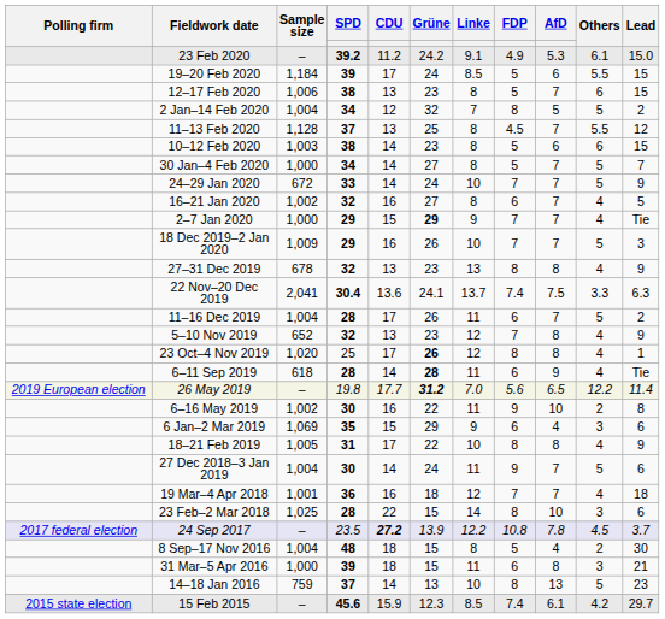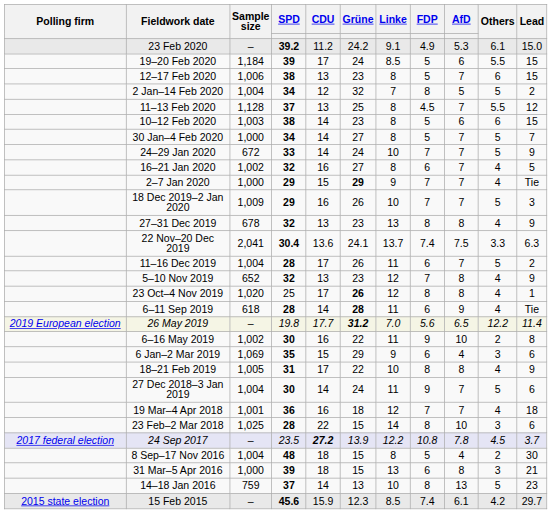 <table class="wikitable sortable" style="text-align:center;font-size:90%;line-height:14px;">
 <tr style="height:40px;">
 <th style="width:160px;" rowspan="2">Polling firm</th>
 <th style="width:135px;" rowspan="2">Fieldwork date</th>
 <th style="width:35px;" rowspan="2">Sample<br>size</th>
 <th class="unsortable" style="width:40px;"><a href='#'>SPD</a></th>
 <th class="unsortable" style="width:40px;"><a href='#'>CDU</a></th>
 <th class="unsortable" style="width:40px;"><a href='#'>Grüne</a></th>
 <th class="unsortable" style="width:40px;"><a href='#'>Linke</a></th>
 <th class="unsortable" style="width:40px;"><a href='#'>FDP</a></th>
 <th class="unsortable" style="width:40px;"><a href='#'>AfD</a></th>
 <th class="unsortable" style="width:40px;" rowspan="2">Others</th>
 <th style="width:30px;" rowspan="2">Lead</th>
 </tr>
 <tr>
 <th style="background:"></th>
 <th style="background:"></th>
 <th style="background:"></th>
 <th style="background:"></th>
 <th style="background:"></th>
 <th style="background:"></th>
 </tr>
 <tr style="background:#E9E9E9;">
 <td></td>
 <td data-sort-value="2020-02-23">23 Feb 2020</td>
 <td>–</td>
 <td><strong>39.2</strong></td>
 <td>11.2</td>
 <td>24.2</td>
 <td>9.1</td>
 <td>4.9</td>
 <td>5.3</td>
 <td>6.1</td>
 <td style="background:">15.0</td>
 </tr>
 <tr>
 <td></td>
 <td data-sort-value="2020-02-20">19–20 Feb 2020</td>
 <td>1,184</td>
 <td><strong>39</strong></td>
 <td>17</td>
 <td>24</td>
 <td>8.5</td>
 <td>5</td>
 <td>6</td>
 <td>5.5</td>
 <td style="background:">15</td>
 </tr>
 <tr>
 <td></td>
 <td data-sort-value="2020-02-17">12–17 Feb 2020</td>
 <td>1,006</td>
 <td><strong>38</strong></td>
 <td>13</td>
 <td>23</td>
 <td>8</td>
 <td>5</td>
 <td>7</td>
 <td>6</td>
 <td style="background:">15</td>
 </tr>
 <tr>
 <td></td>
 <td data-sort-value="2020-02-14">2 Jan–14 Feb 2020</td>
 <td>1,004</td>
 <td><strong>34</strong></td>
 <td>12</td>
 <td>32</td>
 <td>7</td>
 <td>8</td>
 <td>5</td>
 <td>5</td>
 <td style="background:">2</td>
 </tr>
 <tr>
 <td></td>
 <td data-sort-value="2020-02-13">11–13 Feb 2020</td>
 <td>1,128</td>
 <td><strong>37</strong></td>
 <td>13</td>
 <td>25</td>
 <td>8</td>
 <td>4.5</td>
 <td>7</td>
 <td>5.5</td>
 <td style="background:">12</td>
 </tr>
 <tr>
 <td></td>
 <td data-sort-value="2020-02-12">10–12 Feb 2020</td>
 <td>1,003</td>
 <td><strong>38</strong></td>
 <td>14</td>
 <td>23</td>
 <td>8</td>
 <td>5</td>
 <td>6</td>
 <td>6</td>
 <td style="background:">15</td>
 </tr>
 <tr>
 <td></td>
 <td data-sort-value="2020-02-04">30 Jan–4 Feb 2020</td>
 <td>1,000</td>
 <td><strong>34</strong></td>
 <td>14</td>
 <td>27</td>
 <td>8</td>
 <td>5</td>
 <td>7</td>
 <td>5</td>
 <td style="background:">7</td>
 </tr>
 <tr>
 <td></td>
 <td data-sort-value="2020-01-29">24–29 Jan 2020</td>
 <td>672</td>
 <td><strong>33</strong></td>
 <td>14</td>
 <td>24</td>
 <td>10</td>
 <td>7</td>
 <td>7</td>
 <td>5</td>
 <td style="background:">9</td>
 </tr>
 <tr>
 <td></td>
 <td data-sort-value="2020-01-21">16–21 Jan 2020</td>
 <td>1,002</td>
 <td><strong>32</strong></td>
 <td>16</td>
 <td>27</td>
 <td>8</td>
 <td>6</td>
 <td>7</td>
 <td>4</td>
 <td style="background:">5</td>
 </tr>
 <tr>
 <td></td>
 <td data-sort-value="2020-01-07">2–7 Jan 2020</td>
 <td>1,000</td>
 <td><strong>29</strong></td>
 <td>15</td>
 <td><strong>29</strong></td>
 <td>9</td>
 <td>7</td>
 <td>7</td>
 <td>4</td>
 <td data-sort-value="0">Tie</td>
 </tr>
 <tr>
 <td></td>
 <td data-sort-value="2020-01-02">18 Dec 2019–2 Jan 2020</td>
 <td>1,009</td>
 <td><strong>29</strong></td>
 <td>16</td>
 <td>26</td>
 <td>10</td>
 <td>7</td>
 <td>7</td>
 <td>5</td>
 <td style="background:">3</td>
 </tr>
 <tr>
 <td></td>
 <td data-sort-value="2019-12-31">27–31 Dec 2019</td>
 <td>678</td>
 <td><strong>32</strong></td>
 <td>13</td>
 <td>23</td>
 <td>13</td>
 <td>8</td>
 <td>8</td>
 <td>4</td>
 <td style="background:">9</td>
 </tr>
 <tr>
 <td></td>
 <td data-sort-value="2019-12-20">22 Nov–20 Dec 2019</td>
 <td>2,041</td>
 <td><strong>30.4</strong></td>
 <td>13.6</td>
 <td>24.1</td>
 <td>13.7</td>
 <td>7.4</td>
 <td>7.5</td>
 <td>3.3</td>
 <td style="background:">6.3</td>
 </tr>
 <tr>
 <td></td>
 <td data-sort-value="2019-12-16">11–16 Dec 2019</td>
 <td>1,004</td>
 <td><strong>28</strong></td>
 <td>17</td>
 <td>26</td>
 <td>11</td>
 <td>6</td>
 <td>7</td>
 <td>5</td>
 <td style="background:">2</td>
 </tr>
 <tr>
 <td></td>
 <td data-sort-value="2019-11-10">5–10 Nov 2019</td>
 <td>652</td>
 <td><strong>32</strong></td>
 <td>13</td>
 <td>23</td>
 <td>12</td>
 <td>7</td>
 <td>8</td>
 <td>4</td>
 <td style="background:">9</td>
 </tr>
 <tr>
 <td></td>
 <td data-sort-value="2019-11-04">23 Oct–4 Nov 2019</td>
 <td>1,020</td>
 <td>25</td>
 <td>17</td>
 <td><strong>26</strong></td>
 <td>12</td>
 <td>8</td>
 <td>8</td>
 <td>4</td>
 <td style="background:">1</td>
 </tr>
 <tr>
 <td></td>
 <td data-sort-value="2019-09-11">6–11 Sep 2019</td>
 <td>618</td>
 <td><strong>28</strong></td>
 <td>14</td>
 <td><strong>28</strong></td>
 <td>11</td>
 <td>6</td>
 <td>9</td>
 <td>4</td>
 <td data-sort-value="0">Tie</td>
 </tr>
 <tr style="background:#F5F5E5;font-style:italic;">
 <td><a href='#'>2019 European election</a></td>
 <td data-sort-value="2019-05-26">26 May 2019</td>
 <td>–</td>
 <td>19.8</td>
 <td>17.7</td>
 <td><strong>31.2</strong></td>
 <td>7.0</td>
 <td>5.6</td>
 <td>6.5</td>
 <td>12.2</td>
 <td style="background:">11.4</td>
 </tr>
 <tr>
 <td></td>
 <td data-sort-value="2019-05-16">6–16 May 2019</td>
 <td>1,002</td>
 <td><strong>30</strong></td>
 <td>16</td>
 <td>22</td>
 <td>11</td>
 <td>9</td>
 <td>10</td>
 <td>2</td>
 <td style="background:">8</td>
 </tr>
 <tr>
 <td></td>
 <td data-sort-value="2019-03-02">6 Jan–2 Mar 2019</td>
 <td>1,069</td>
 <td><strong>35</strong></td>
 <td>15</td>
 <td>29</td>
 <td>9</td>
 <td>6</td>
 <td>4</td>
 <td>3</td>
 <td style="background:">6</td>
 </tr>
 <tr>
 <td></td>
 <td data-sort-value="2019-02-21">18–21 Feb 2019</td>
 <td>1,005</td>
 <td><strong>31</strong></td>
 <td>17</td>
 <td>22</td>
 <td>10</td>
 <td>8</td>
 <td>8</td>
 <td>4</td>
 <td style="background:">9</td>
 </tr>
 <tr>
 <td></td>
 <td data-sort-value="2019-01-03">27 Dec 2018–3 Jan 2019</td>
 <td>1,004</td>
 <td><strong>30</strong></td>
 <td>14</td>
 <td>24</td>
 <td>11</td>
 <td>9</td>
 <td>7</td>
 <td>5</td>
 <td style="background:">6</td>
 </tr>
 <tr>
 <td></td>
 <td data-sort-value="2018-04-04">19 Mar–4 Apr 2018</td>
 <td>1,001</td>
 <td><strong>36</strong></td>
 <td>16</td>
 <td>18</td>
 <td>12</td>
 <td>7</td>
 <td>7</td>
 <td>4</td>
 <td style="background:">18</td>
 </tr>
 <tr>
 <td></td>
 <td data-sort-value="2018-03-02">23 Feb–2 Mar 2018</td>
 <td>1,025</td>
 <td><strong>28</strong></td>
 <td>22</td>
 <td>15</td>
 <td>14</td>
 <td>8</td>
 <td>10</td>
 <td>3</td>
 <td style="background:">6</td>
 </tr>
 <tr style="background:#E5E5F5;font-style:italic;">
 <td><a href='#'>2017 federal election</a></td>
 <td data-sort-value="2017-09-24">24 Sep 2017</td>
 <td>–</td>
 <td>23.5</td>
 <td><strong>27.2</strong></td>
 <td>13.9</td>
 <td>12.2</td>
 <td>10.8</td>
 <td>7.8</td>
 <td>4.5</td>
 <td style="background:">3.7</td>
 </tr>
 <tr>
 <td></td>
 <td data-sort-value="2016-11-17">8 Sep–17 Nov 2016</td>
 <td>1,004</td>
 <td><strong>48</strong></td>
 <td>18</td>
 <td>15</td>
 <td>8</td>
 <td>5</td>
 <td>4</td>
 <td>2</td>
 <td style="background:">30</td>
 </tr>
 <tr>
 <td></td>
 <td data-sort-value="2016-04-05">31 Mar–5 Apr 2016</td>
 <td>1,000</td>
 <td><strong>39</strong></td>
 <td>18</td>
 <td>15</td>
-<td>11</td>
+<td>13</td>
 <td>6</td>
 <td>8</td>
 <td>3</td>
 <td style="background:">21</td>
 </tr>
 <tr>
 <td></td>
 <td data-sort-value="2016-01-18">14–18 Jan 2016</td>
 <td>759</td>
 <td><strong>37</strong></td>
 <td>14</td>
 <td>13</td>
 <td>10</td>
 <td>8</td>
 <td>13</td>
 <td>5</td>
 <td style="background:">23</td>
 </tr>
 <tr style="background:#E9E9E9;">
 <td><a href='#'>2015 state election</a></td>
 <td data-sort-value="2015-02-15">15 Feb 2015</td>
 <td>–</td>
 <td><strong>45.6</strong></td>
 <td>15.9</td>
 <td>12.3</td>
 <td>8.5</td>
 <td>7.4</td>
 <td>6.1</td>
 <td>4.2</td>
 <td style="background:">29.7</td>
 </tr>
 </table>
